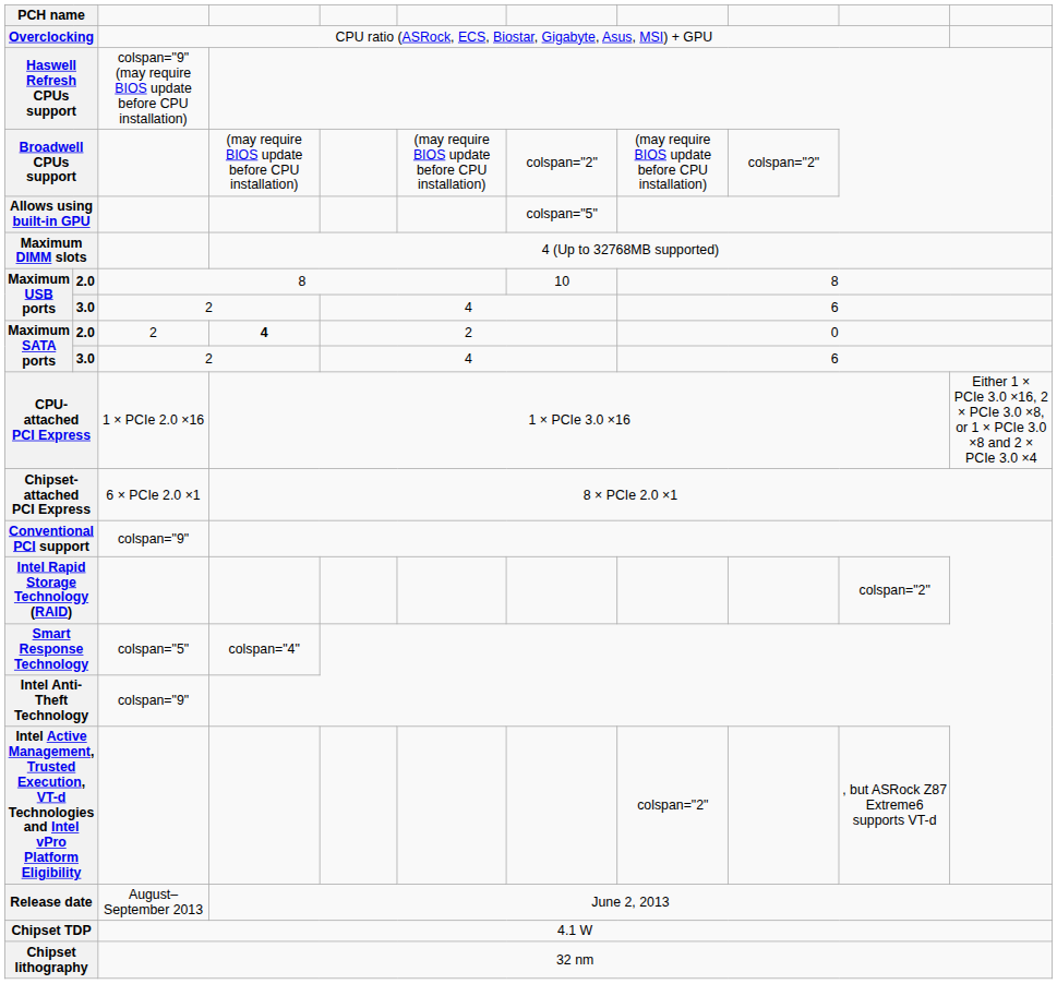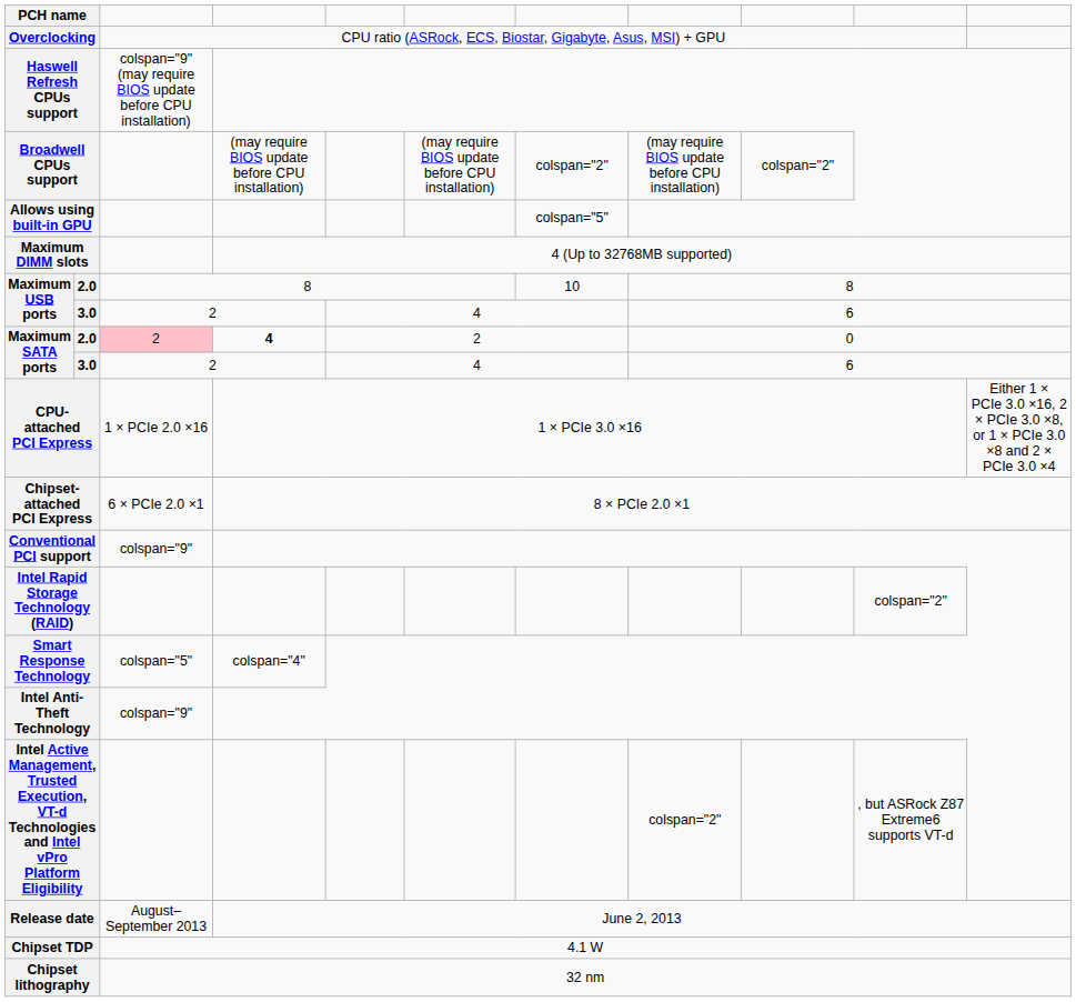 <table class="wikitable sticky-header" style="text-align: center">
 <tr>
 <th colspan="2" style="width: 20em;">PCH name</th>
 <td style="width: 10em;"></td>
 <td style="width: 10em;"></td>
 <td style="width: 10em;"></td>
 <td style="width: 10em;"></td>
 <td style="width: 10em;"></td>
 <td style="width: 10em;"></td>
 <td style="width: 10em;"></td>
 <td style="width: 10em;"></td>
 <td style="width: 10em;"></td>
 </tr>
 <tr>
 <th colspan="2"><a href='#'>Overclocking</a></th>
 <td colspan=8>CPU ratio (<a href='#'>ASRock</a>, <a href='#'>ECS</a>, <a href='#'>Biostar</a>, <a href='#'>Gigabyte</a>, <a href='#'>Asus</a>, <a href='#'>MSI</a>) + GPU</td>
 <td></td>
 </tr>
 <tr>
 <th colspan="2"><a href='#'>Haswell Refresh</a> CPUs support</th>
 <td>colspan="9"  (may require <a href='#'>BIOS</a> update before CPU installation)</td>
 </tr>
 <tr>
 <th colspan="2"><a href='#'>Broadwell</a> CPUs support</th>
 <td></td>
 <td> (may require <a href='#'>BIOS</a> update before CPU installation)</td>
 <td></td>
 <td> (may require <a href='#'>BIOS</a> update before CPU installation)</td>
 <td>colspan="2" </td>
 <td> (may require <a href='#'>BIOS</a> update before CPU installation)</td>
 <td>colspan="2" </td>
 </tr>
 <tr>
 <th colspan="2">Allows using <a href='#'>built-in GPU</a></th>
 <td></td>
 <td></td>
 <td></td>
 <td></td>
 <td>colspan="5" </td>
 </tr>
 <tr>
 <th colspan="2">Maximum <a href='#'>DIMM</a> slots</th>
 <td></td>
 <td colspan="8">4 (Up to 32768MB supported)</td>
 </tr>
 <tr>
 <th rowspan="2">Maximum <br> <a href='#'>USB</a>  ports</th>
 <th>2.0</th>
 <td colspan="4">8</td>
 <td>10</td>
 <td colspan="4">8</td>
 </tr>
 <tr>
 <th>3.0</th>
 <td colspan="2">2</td>
 <td colspan="3">4</td>
 <td colspan="4">6</td>
 </tr>
 <tr>
 <th rowspan="2">Maximum <a href='#'>SATA</a> ports</th>
 <th>2.0</th>
-<td>2</td>
+<td style="background: pink;">2</td>
 <td><strong>4</strong></td>
 <td colspan="3">2</td>
 <td colspan="4">0</td>
 </tr>
 <tr>
 <th>3.0</th>
 <td colspan="2">2</td>
 <td colspan="3">4</td>
 <td colspan="4">6</td>
 </tr>
 <tr>
 <th colspan="2">CPU-attached <a href='#'>PCI Express</a></th>
 <td>1 × PCIe 2.0 ×16</td>
 <td colspan="7">1 × PCIe 3.0 ×16</td>
 <td>Either 1 × PCIe 3.0 ×16, 2 × PCIe 3.0 ×8, or 1 × PCIe 3.0 ×8 and 2 × PCIe 3.0 ×4</td>
 </tr>
 <tr>
 <th colspan="2">Chipset-attached PCI Express</th>
 <td>6 × PCIe 2.0 ×1</td>
 <td colspan="8">8 × PCIe 2.0 ×1</td>
 </tr>
 <tr>
 <th colspan="2"><a href='#'>Conventional PCI</a> support</th>
 <td>colspan="9" </td>
 </tr>
 <tr>
 <th colspan="2"><a href='#'>Intel Rapid Storage Technology</a> (<a href='#'>RAID</a>)</th>
 <td></td>
 <td></td>
 <td></td>
 <td></td>
 <td></td>
 <td></td>
 <td></td>
 <td>colspan="2" </td>
 </tr>
 <tr>
 <th colspan="2"><a href='#'>Smart Response Technology</a></th>
 <td>colspan="5" </td>
 <td>colspan="4" </td>
 </tr>
 <tr>
 <th colspan="2">Intel Anti-Theft Technology</th>
 <td>colspan="9" </td>
 </tr>
 <tr>
 <th colspan="2">Intel <a href='#'>Active Management</a>, <a href='#'>Trusted Execution</a>, <a href='#'>VT-d</a> Technologies and <a href='#'>Intel vPro Platform Eligibility</a></th>
 <td></td>
 <td></td>
 <td></td>
 <td></td>
 <td></td>
 <td>colspan="2" </td>
 <td></td>
 <td>, but ASRock Z87 Extreme6 supports VT-d</td>
 </tr>
 <tr>
 <th colspan="2">Release date</th>
 <td>August–September 2013</td>
 <td colspan="8">June 2, 2013</td>
 </tr>
 <tr>
 <th colspan="2">Chipset TDP</th>
 <td colspan="9">4.1 W</td>
 </tr>
 <tr>
 <th colspan="2">Chipset lithography</th>
 <td colspan="9">32 nm</td>
 </tr>
 </table>
